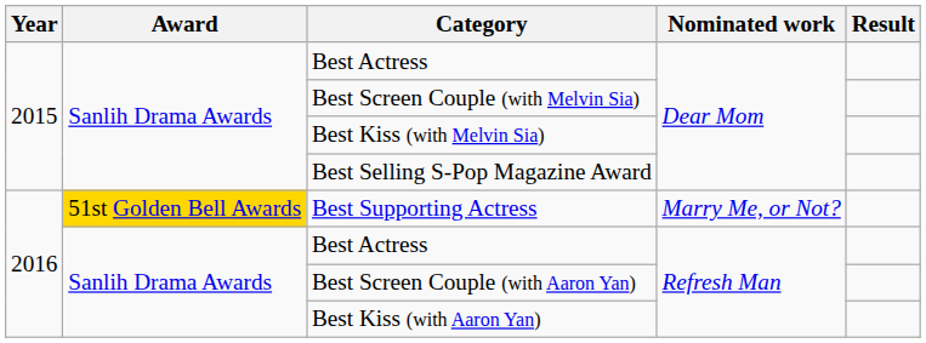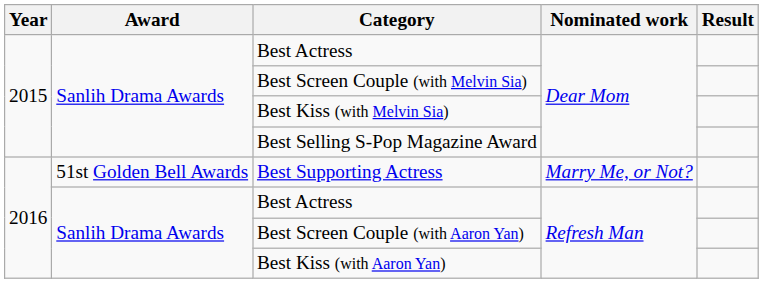 <table class="wikitable sortable">
 <tr>
 <th>Year</th>
 <th>Award</th>
 <th>Category</th>
 <th>Nominated work</th>
 <th>Result</th>
 </tr>
 <tr>
 <td rowspan=4>2015</td>
 <td rowspan=4><a href='#'>Sanlih Drama Awards</a></td>
 <td>Best Actress</td>
 <td rowspan=4><em><a href='#'>Dear Mom</a></em></td>
 <td></td>
 </tr>
 <tr>
 <td>Best Screen Couple <small>(with <a href='#'>Melvin Sia</a>)</small></td>
 <td></td>
 </tr>
 <tr>
 <td>Best Kiss <small>(with <a href='#'>Melvin Sia</a>)</small></td>
 <td></td>
 </tr>
 <tr>
 <td>Best Selling S-Pop Magazine Award</td>
 <td></td>
 </tr>
 <tr>
 <td rowspan=4>2016</td>
-<td style="background: gold;">51st <a href='#'>Golden Bell Awards</a></td>
+<td>51st <a href='#'>Golden Bell Awards</a></td>
 <td><a href='#'>Best Supporting Actress</a></td>
 <td><em><a href='#'>Marry Me, or Not?</a></em></td>
 <td></td>
 </tr>
 <tr>
 <td rowspan=3><a href='#'>Sanlih Drama Awards</a></td>
 <td>Best Actress</td>
 <td rowspan=3><em><a href='#'>Refresh Man</a></em></td>
 <td></td>
 </tr>
 <tr>
 <td>Best Screen Couple <small>(with <a href='#'>Aaron Yan</a>)</small></td>
 <td></td>
 </tr>
 <tr>
 <td>Best Kiss <small>(with <a href='#'>Aaron Yan</a>)</small></td>
 <td></td>
 </tr>
 </table>
